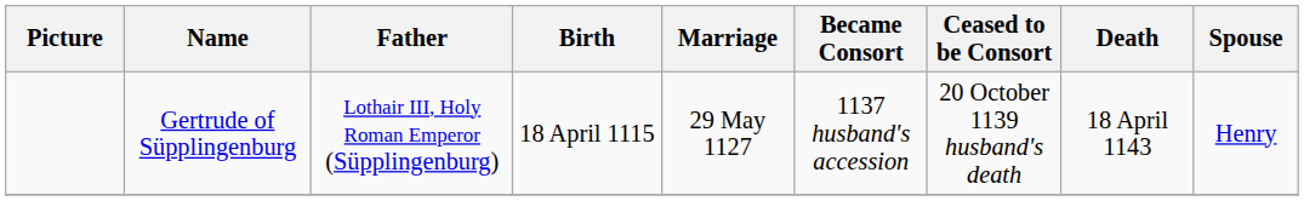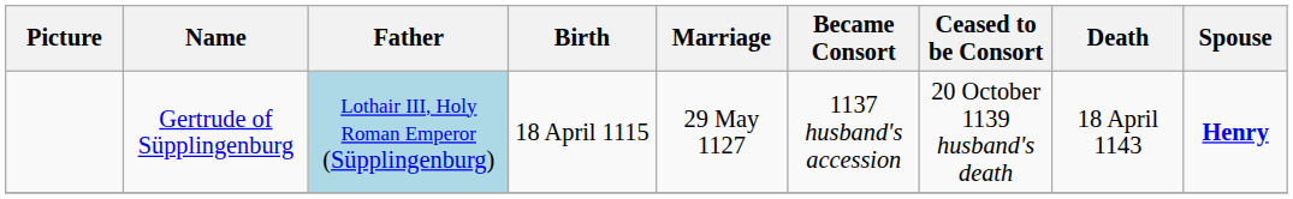 <table width=95% class="wikitable">
 <tr>
 <th width = "8%">Picture</th>
 <th width = "10%">Name</th>
 <th width = "9%">Father</th>
 <th width = "10%">Birth</th>
 <th width = "9%">Marriage</th>
 <th width = "9%">Became Consort</th>
 <th width = "9%">Ceased to be Consort</th>
 <th width = "9%">Death</th>
 <th width = "7%">Spouse</th>
 </tr>
 <tr>
 <td align=center></td>
 <td align=center><a href='#'>Gertrude of Süpplingenburg</a></td>
-<td style="text-align:center;"><small><a href='#'>Lothair III, Holy Roman Emperor</a></small><br>(<a href='#'>Süpplingenburg</a>)</td>
+<td style="background: lightblue; text-align:center;"><small><a href='#'>Lothair III, Holy Roman Emperor</a></small><br>(<a href='#'>Süpplingenburg</a>)</td>
 <td style="text-align:center;">18 April 1115</td>
 <td style="text-align:center;">29 May 1127</td>
 <td style="text-align:center;">1137<br><em>husband's accession</em></td>
 <td style="text-align:center;">20 October 1139<br><em>husband's death</em></td>
 <td style="text-align:center;">18 April 1143</td>
-<td style="text-align:center;"><a href='#'>Henry</a></td>
+<td style="text-align:center;"><strong><a href='#'>Henry</a></strong></td>
 </tr>
 <tr>
 </tr>
 </table>
